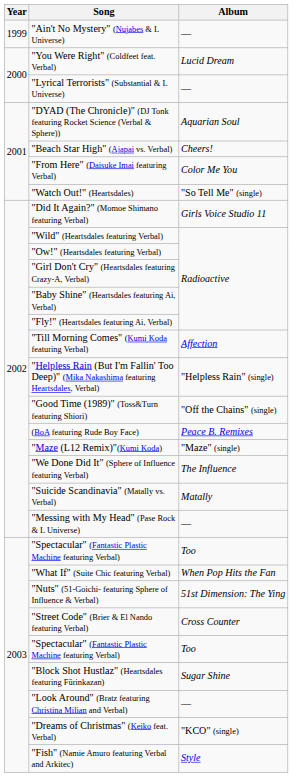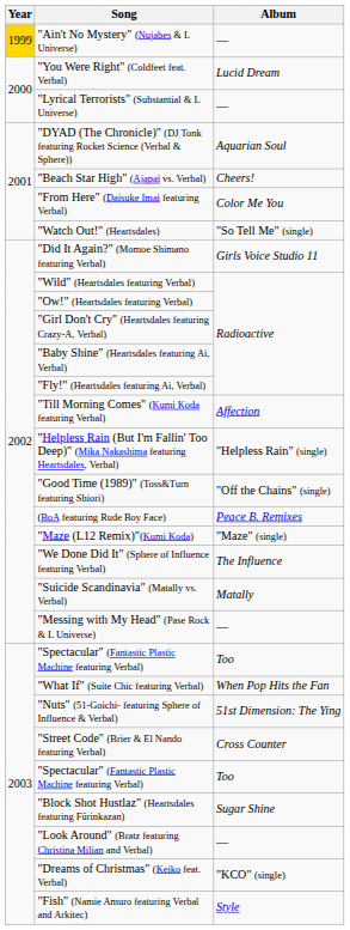 <table class="wikitable">
 <tr>
 <th>Year</th>
 <th style="width:230px;">Song</th>
 <th>Album</th>
 </tr>
 <tr>
-<td style="text-align:center;" rowspan="1">1999</td>
+<td style="background: gold; text-align:center;" rowspan="1">1999</td>
 <td>"Ain't No Mystery" <small>(<a href='#'>Nujabes</a> & L Universe)</small></td>
 <td>—</td>
 </tr>
 <tr>
 <td style="text-align:center;" rowspan="2">2000</td>
 <td>"You Were Right" <small>(Coldfeet feat. Verbal)</small></td>
 <td><em>Lucid Dream</em></td>
 </tr>
 <tr>
 <td>"Lyrical Terrorists" <small>(Substantial & L Universe)</small></td>
 <td>—</td>
 </tr>
 <tr>
 <td style="text-align:center;" rowspan="4">2001</td>
 <td>"DYAD (The Chronicle)" <small>(DJ Tonk featuring Rocket Science (Verbal & Sphere))</small></td>
 <td><em>Aquarian Soul</em></td>
 </tr>
 <tr>
 <td>"Beach Star High" <small>(<a href='#'>Ajapai</a> vs. Verbal)</small></td>
 <td><em>Cheers!</em></td>
 </tr>
 <tr>
 <td>"From Here" <small>(<a href='#'>Daisuke Imai</a> featuring Verbal)</small></td>
 <td><em>Color Me You</em></td>
 </tr>
 <tr>
 <td>"Watch Out!" <small>(Heartsdales)</small></td>
 <td>"So Tell Me" <small>(single)</small></td>
 </tr>
 <tr>
 <td style="text-align:center;" rowspan="14">2002</td>
 <td>"Did It Again?" <small>(Momoe Shimano featuring Verbal)</small></td>
 <td><em>Girls Voice Studio 11</em> </td>
 </tr>
 <tr>
 <td>"Wild" <small>(Heartsdales featuring Verbal)</small></td>
 <td rowspan="5"><em>Radioactive</em></td>
 </tr>
 <tr>
 <td>"Ow!" <small>(Heartsdales featuring Verbal)</small></td>
 </tr>
 <tr>
 <td>"Girl Don't Cry" <small>(Heartsdales featuring Crazy-A, Verbal)</small></td>
 </tr>
 <tr>
 <td>"Baby Shine" <small>(Heartsdales featuring Ai, Verbal)</small></td>
 </tr>
 <tr>
 <td>"Fly!" <small>(Heartsdales featuring Ai, Verbal)</small></td>
 </tr>
 <tr>
 <td>"Till Morning Comes" <small>(<a href='#'>Kumi Koda</a> featuring Verbal)</small></td>
 <td><em><a href='#'>Affection</a></em> </td>
 </tr>
 <tr>
 <td>"<a href='#'>Helpless Rain</a> (But I'm Fallin' Too Deep)" <small>(<a href='#'>Mika Nakashima</a> featuring <a href='#'>Heartsdales</a>, Verbal)</small></td>
 <td>"Helpless Rain" <small>(single)</small> </td>
 </tr>
 <tr>
 <td>"Good Time (1989)" <small>(Toss&Turn featuring Shiori)</small></td>
 <td>"Off the Chains" <small>(single)</small> </td>
 </tr>
 <tr>
 <td> <small>(<a href='#'>BoA</a> featuring Rude Boy Face)</small></td>
 <td><em><a href='#'>Peace B. Remixes</a></em> </td>
 </tr>
 <tr>
 <td>"<a href='#'>Maze</a> (L12 Remix)"<small>(<a href='#'>Kumi Koda</a>)</small></td>
 <td>"Maze" <small>(single)</small> </td>
 </tr>
 <tr>
 <td>"We Done Did It"  <small>(Sphere of Influence featuring Verbal)</small></td>
 <td><em>The Influence</em> </td>
 </tr>
 <tr>
 <td>"Suicide Scandinavia"  <small>(Matally vs. Verbal)</small></td>
 <td><em>Matally</em> </td>
 </tr>
 <tr>
 <td>"Messing with My Head"  <small>(Pase Rock & L Universe)</small></td>
 <td>—</td>
 </tr>
 <tr>
 <td style="text-align:center;" rowspan="9">2003</td>
 <td>"Spectacular" <small>(<a href='#'>Fantastic Plastic Machine</a> featuring Verbal)</small></td>
 <td><em>Too</em> </td>
 </tr>
 <tr>
 <td>"What If" <small>(Suite Chic featuring Verbal)</small></td>
 <td><em>When Pop Hits the Fan</em> </td>
 </tr>
 <tr>
 <td>"Nuts" <small>(51-Goichi- featuring Sphere of Influence & Verbal)</small></td>
 <td><em>51st Dimension: The Ying</em> </td>
 </tr>
 <tr>
 <td>"Street Code" <small>(Brier & El Nando featuring Verbal)</small></td>
 <td><em>Cross Counter</em> </td>
 </tr>
 <tr>
 <td>"Spectacular" <small>(<a href='#'>Fantastic Plastic Machine</a> featuring Verbal)</small></td>
 <td><em>Too</em> </td>
 </tr>
 <tr>
 <td>"Block Shot Hustlaz" <small>(Heartsdales featuring Fūrinkazan)</small></td>
 <td><em>Sugar Shine</em> </td>
 </tr>
 <tr>
 <td>"Look Around" <small>(Bratz featuring <a href='#'>Christina Milian</a> and Verbal)</small></td>
 <td>—</td>
 </tr>
 <tr>
 <td>"Dreams of Christmas" <small>(<a href='#'>Keiko</a> feat. Verbal)</small></td>
 <td>"KCO" <small>(single)</small> </td>
 </tr>
 <tr>
 <td>"Fish" <small>(Namie Amuro featuring Verbal and Arkitec)</small></td>
 <td><em><a href='#'>Style</a></em> </td>
 </tr>
 </table>
